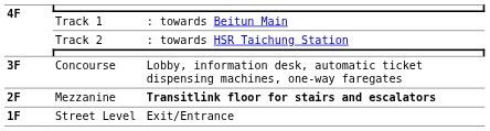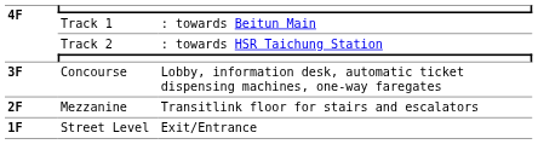 <table table border=0 cellspacing=0 cellpadding=3>
 <tr>
 <td style="border-top:solid 1px gray;border-bottom:solid 1px gray;" width=50 rowspan=4 valign=top><strong>4F</strong></td>
 <td style="border-right:solid 2px black;border-left:solid 2px black;border-bottom:solid 2px black;border-top:solid 1px gray" colspan=2 align=center></td>
 </tr>
 <tr>
 <td style="border-bottom:solid 1px gray;" width=100><span>Track 1</span></td>
 <td style="border-bottom:solid 1px gray;" width=390>  : towards <a href='#'>Beitun Main</a></td>
 </tr>
 <tr>
 <td style="border-bottom:solid 0px gray;" width=100><span>Track 2</span></td>
 <td style="border-bottom:solid 0px gray;" width=390>  : towards <a href='#'>HSR Taichung Station</a> </td>
 </tr>
 <tr>
 <td style="border-top:solid 2px black;border-right:solid 2px black;border-left:solid 2px black;border-bottom:solid 1px gray;" colspan=2 align=center></td>
 </tr>
 <tr>
 <td style="border-bottom:solid 1px gray;" valign=top><strong>3F</strong></td>
 <td style="border-bottom:solid 1px gray;" valign=top>Concourse</td>
 <td style="border-bottom:solid 1px gray;" valign=top>Lobby, information desk, automatic ticket dispensing machines, one-way faregates</td>
 </tr>
 <tr>
 <td style="border-bottom:solid 1px gray;" width=50 valign=top><strong>2F</strong></td>
 <td style="border-top:solid 0px gray;border-bottom:solid 1px gray;" width=100 valign=top>Mezzanine</td>
-<td style="border-top:solid 0px gray;border-bottom:solid 1px gray;" width=390 valign=top><strong>Transitlink floor for stairs and escalators</strong></td>
+<td style="border-top:solid 0px gray;border-bottom:solid 1px gray;" width=390 valign=top>Transitlink floor for stairs and escalators</td>
 </tr>
 <tr>
 <td style="border-bottom:solid 1px gray;" width=50 rowspan=10 valign=top><strong>1F</strong></td>
 </tr>
 <tr>
 <td style="border-bottom:solid 1px gray;" rowspan=2 valign=top>Street Level</td>
 <td style="border-bottom:solid 1px gray;" rowspan=2 valign=top>Exit/Entrance</td>
 </tr>
 </table>
